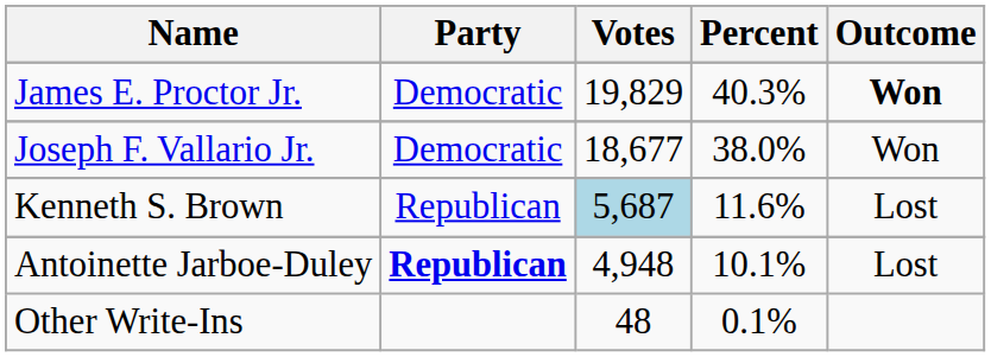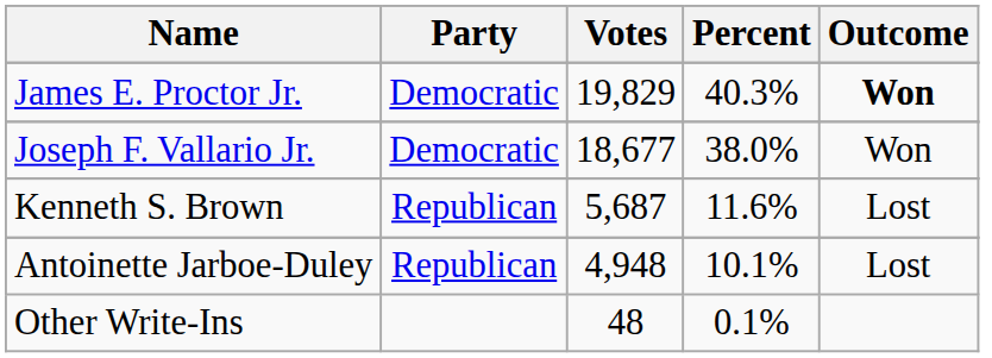 <table class=wikitable style="text-align:center">
 <tr>
 <th>Name</th>
 <th>Party</th>
 <th>Votes</th>
 <th>Percent</th>
 <th>Outcome</th>
 </tr>
 <tr>
 </tr>
 <tr>
 <td align=left><a href='#'>James E. Proctor Jr.</a></td>
 <td><a href='#'>Democratic</a></td>
 <td>19,829</td>
 <td>40.3%</td>
 <td><strong>Won</strong></td>
 </tr>
 <tr>
 </tr>
 <tr>
 <td align=left><a href='#'>Joseph F. Vallario Jr.</a></td>
 <td><a href='#'>Democratic</a></td>
 <td>18,677</td>
 <td>38.0%</td>
 <td>Won</td>
 </tr>
 <tr>
 </tr>
 <tr>
 <td align=left>Kenneth S. Brown</td>
 <td><a href='#'>Republican</a></td>
-<td style="background: lightblue;">5,687</td>
+<td>5,687</td>
 <td>11.6%</td>
 <td>Lost</td>
 </tr>
 <tr>
 </tr>
 <tr>
 <td align=left>Antoinette Jarboe-Duley</td>
-<td><strong><a href='#'>Republican</a></strong></td>
+<td><a href='#'>Republican</a></td>
 <td>4,948</td>
 <td>10.1%</td>
 <td>Lost</td>
 </tr>
 <tr>
 <td align=left>Other Write-Ins</td>
 <td></td>
 <td>48</td>
 <td>0.1%</td>
 <td></td>
 </tr>
 </table>
